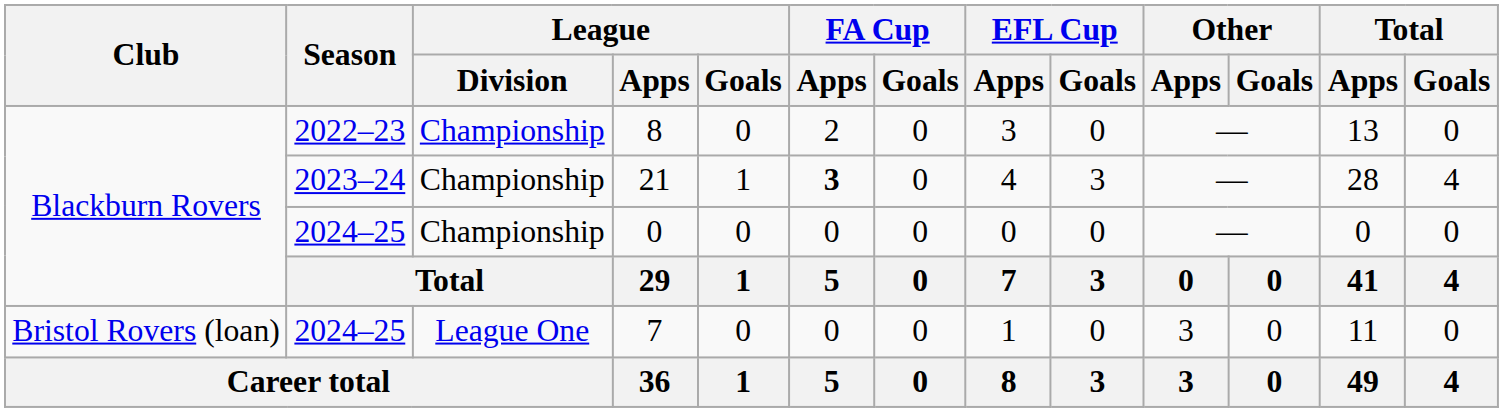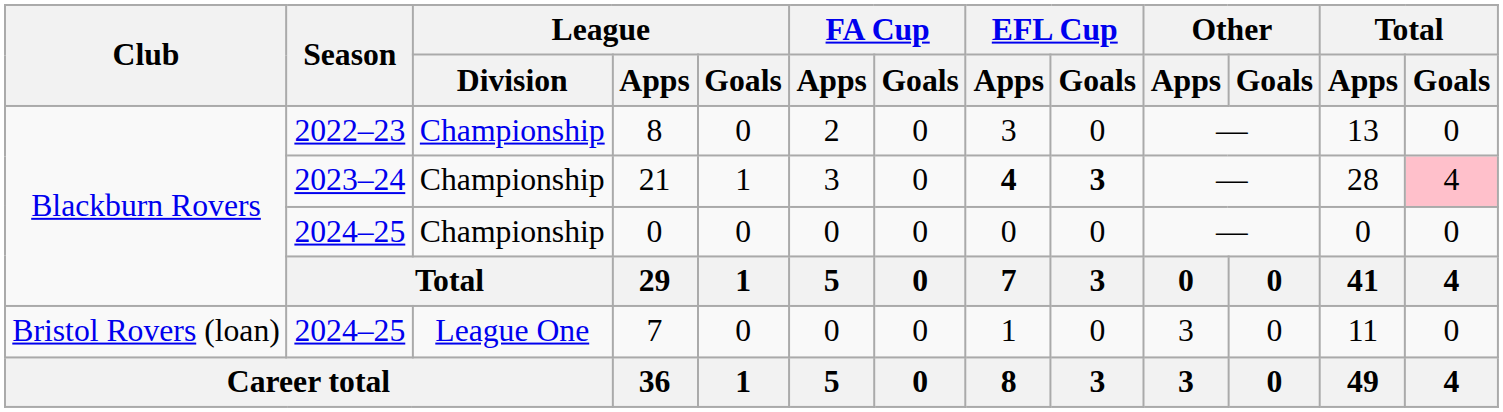 <table class=wikitable style="text-align: center">
 <tr>
 <th rowspan=2>Club</th>
 <th rowspan=2>Season</th>
 <th colspan=3>League</th>
 <th colspan=2><a href='#'>FA Cup</a></th>
 <th colspan=2><a href='#'>EFL Cup</a></th>
 <th colspan=2>Other</th>
 <th colspan=2>Total</th>
 </tr>
 <tr>
 <th>Division</th>
 <th>Apps</th>
 <th>Goals</th>
 <th>Apps</th>
 <th>Goals</th>
 <th>Apps</th>
 <th>Goals</th>
 <th>Apps</th>
 <th>Goals</th>
 <th>Apps</th>
 <th>Goals</th>
 </tr>
 <tr>
 <td rowspan="4"><a href='#'>Blackburn Rovers</a></td>
 <td><a href='#'>2022–23</a></td>
 <td><a href='#'>Championship</a></td>
 <td>8</td>
 <td>0</td>
 <td>2</td>
 <td>0</td>
 <td>3</td>
 <td>0</td>
 <td colspan="2">—</td>
 <td>13</td>
 <td>0</td>
 </tr>
 <tr>
 <td><a href='#'>2023–24</a></td>
 <td>Championship</td>
 <td>21</td>
 <td>1</td>
+<td>3</td>
+<td>0</td>
+<td><strong>4</strong></td>
 <td><strong>3</strong></td>
-<td>0</td>
-<td>4</td>
-<td>3</td>
 <td colspan="2">—</td>
 <td>28</td>
-<td>4</td>
+<td style="background: pink;">4</td>
 </tr>
 <tr>
 <td><a href='#'>2024–25</a></td>
 <td>Championship</td>
 <td>0</td>
 <td>0</td>
 <td>0</td>
 <td>0</td>
 <td>0</td>
 <td>0</td>
 <td colspan="2">—</td>
 <td>0</td>
 <td>0</td>
 </tr>
 <tr>
 <th colspan=2>Total</th>
 <th>29</th>
 <th>1</th>
 <th>5</th>
 <th>0</th>
 <th>7</th>
 <th>3</th>
 <th>0</th>
 <th>0</th>
 <th>41</th>
 <th>4</th>
 </tr>
 <tr>
 <td><a href='#'>Bristol Rovers</a> (loan)</td>
 <td><a href='#'>2024–25</a></td>
 <td><a href='#'>League One</a></td>
 <td>7</td>
 <td>0</td>
 <td>0</td>
 <td>0</td>
 <td>1</td>
 <td>0</td>
 <td>3</td>
 <td>0</td>
 <td>11</td>
 <td>0</td>
 </tr>
 <tr>
 <th colspan=3>Career total</th>
 <th>36</th>
 <th>1</th>
 <th>5</th>
 <th>0</th>
 <th>8</th>
 <th>3</th>
 <th>3</th>
 <th>0</th>
 <th>49</th>
 <th>4</th>
 </tr>
 </table>
